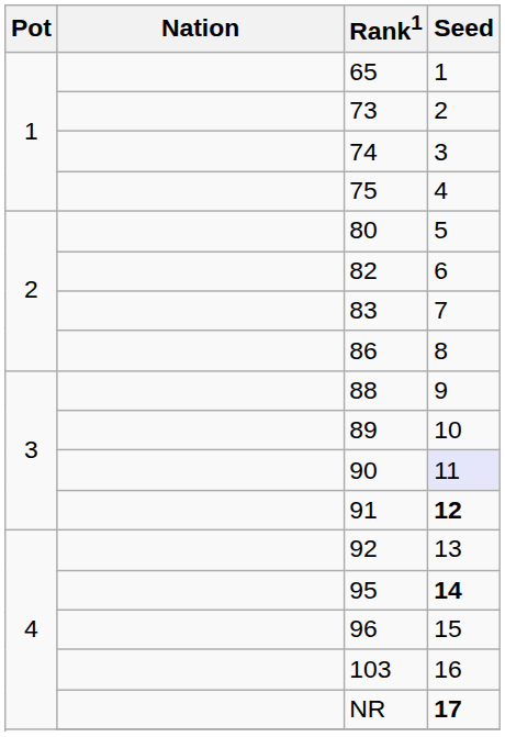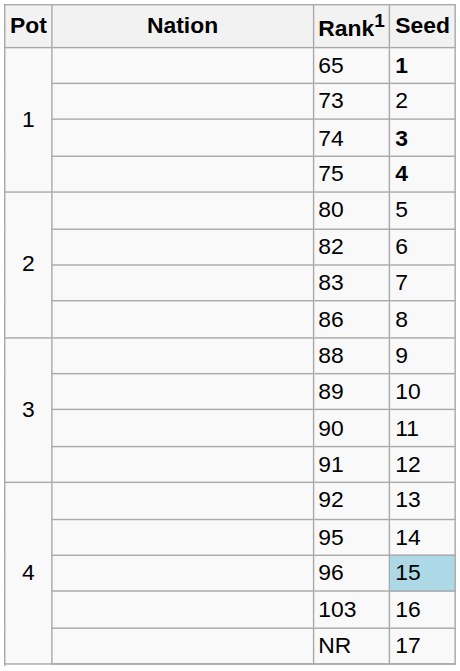 <table class="wikitable">
 <tr>
 <th>Pot</th>
 <th width="175">Nation</th>
 <th>Rank<sup>1</sup></th>
 <th>Seed</th>
 </tr>
 <tr>
 <td rowspan=4 style="text-align: center;">1</td>
 <td></td>
 <td>65</td>
-<td>1</td>
+<td><strong>1</strong></td>
 </tr>
 <tr>
 <td></td>
 <td>73</td>
 <td>2</td>
 </tr>
 <tr>
 <td></td>
 <td>74</td>
-<td>3</td>
+<td><strong>3</strong></td>
 </tr>
 <tr>
 <td></td>
 <td>75</td>
-<td>4</td>
+<td><strong>4</strong></td>
 </tr>
 <tr>
 <td rowspan=4 style="text-align: center;">2</td>
 <td></td>
 <td>80</td>
 <td>5</td>
 </tr>
 <tr>
 <td></td>
 <td>82</td>
 <td>6</td>
 </tr>
 <tr>
 <td></td>
 <td>83</td>
 <td>7</td>
 </tr>
 <tr>
 <td></td>
 <td>86</td>
 <td>8</td>
 </tr>
 <tr>
 <td rowspan=4 style="text-align: center;">3</td>
 <td></td>
 <td>88</td>
 <td>9</td>
 </tr>
 <tr>
 <td></td>
 <td>89</td>
 <td>10</td>
 </tr>
 <tr>
 <td></td>
 <td>90</td>
-<td style="background: lavender;">11</td>
+<td>11</td>
 </tr>
 <tr>
 <td></td>
 <td>91</td>
-<td><strong>12</strong></td>
+<td>12</td>
 </tr>
 <tr>
 <td rowspan=6 style="text-align: center;">4</td>
 <td></td>
 <td>92</td>
 <td>13</td>
 </tr>
 <tr>
 <td></td>
 <td>95</td>
-<td><strong>14</strong></td>
+<td>14</td>
 </tr>
 <tr>
 <td></td>
 <td>96</td>
-<td>15</td>
+<td style="background: lightblue;">15</td>
 </tr>
 <tr>
 <td></td>
 <td>103</td>
 <td>16</td>
 </tr>
 <tr>
 <td></td>
 <td>NR</td>
-<td><strong>17</strong></td>
+<td>17</td>
 </tr>
 <tr>
 </tr>
 </table>
